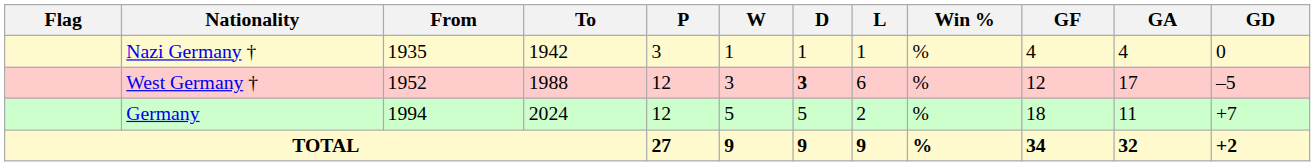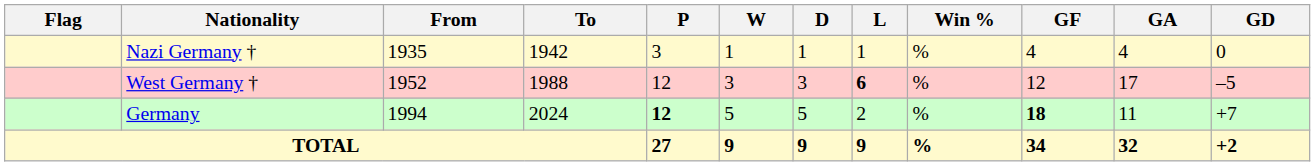 <table class="wikitable sortable" style="width:84%;">
 <tr>
 <th width="2">Flag</th>
 <th width="62">Nationality</th>
 <th width="2">From</th>
 <th width="2">To</th>
 <th width="2">P</th>
 <th width="2">W</th>
 <th width="2">D</th>
 <th width="2">L</th>
 <th width="2">Win %</th>
 <th width="2">GF</th>
 <th width="2">GA</th>
 <th width="2">GD</th>
 </tr>
 <tr bgcolor=#FFFACD>
 <td></td>
 <td align=left><a href='#'>Nazi Germany</a> †</td>
 <td align=left>1935</td>
 <td align=left>1942</td>
 <td>3</td>
 <td>1</td>
 <td>1</td>
 <td>1</td>
 <td>%</td>
 <td>4</td>
 <td>4</td>
 <td>0</td>
 </tr>
 <tr bgcolor=#FFCCCC>
 <td></td>
 <td align=left><a href='#'>West Germany</a> †</td>
 <td align=left>1952</td>
 <td align=left>1988</td>
 <td>12</td>
 <td>3</td>
-<td><strong>3</strong></td>
-<td>6</td>
+<td>3</td>
+<td><strong>6</strong></td>
 <td>%</td>
 <td>12</td>
 <td>17</td>
 <td>–5</td>
 </tr>
 <tr bgcolor=#CCFFCC>
 <td></td>
 <td align=left><a href='#'>Germany</a></td>
 <td align=left>1994</td>
 <td align=left>2024</td>
-<td>12</td>
+<td><strong>12</strong></td>
 <td>5</td>
 <td>5</td>
 <td>2</td>
 <td>%</td>
-<td>18</td>
+<td><strong>18</strong></td>
 <td>11</td>
 <td>+7</td>
 </tr>
 <tr bgcolor=#FFFACD>
 <td colspan=4 style="text-align:center;"><strong>TOTAL</strong></td>
 <td><strong>27</strong></td>
 <td><strong>9</strong></td>
 <td><strong>9</strong></td>
 <td><strong>9</strong></td>
 <td><strong>%</strong></td>
 <td><strong>34</strong></td>
 <td><strong>32</strong></td>
 <td><strong>+2</strong></td>
 </tr>
 </table>
